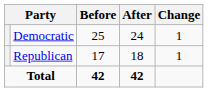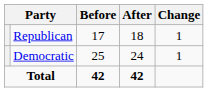 <table class="wikitable" style="text-align:center;">
 <tr>
 <th colspan="2">Party</th>
 <th>Before</th>
 <th>After</th>
 <th>Change</th>
 </tr>
 <tr>
 <th style="background-color:"></th>
-<td style="text-align:left;"><a href='#'>Democratic</a></td>
-<td>25</td>
-<td>24</td>
+<td style="text-align:left;"><a href='#'>Republican</a></td>
+<td>17</td>
+<td>18</td>
 <td> 1</td>
 </tr>
 <tr>
 <th style="background-color:"></th>
-<td style="text-align:left;"><a href='#'>Republican</a></td>
-<td>17</td>
-<td>18</td>
+<td style="text-align:left;"><a href='#'>Democratic</a></td>
+<td>25</td>
+<td>24</td>
 <td> 1</td>
 </tr>
 <tr>
 <td colspan="2"><strong>Total</strong></td>
 <td><strong>42</strong></td>
 <td><strong>42</strong></td>
 <td></td>
 </tr>
 </table>
